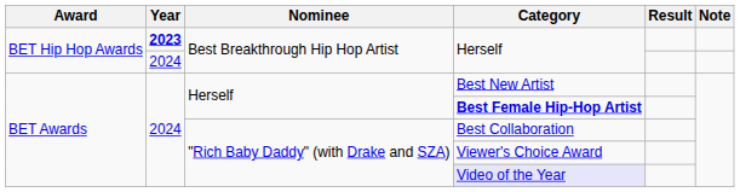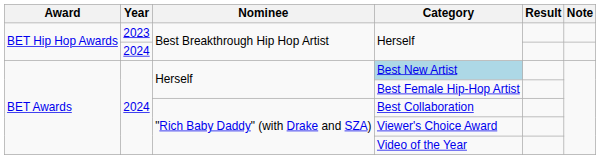 <table class="wikitable">
 <tr>
 <th>Award</th>
 <th>Year</th>
 <th>Nominee</th>
 <th>Category</th>
 <th>Result</th>
 <th>Note</th>
 </tr>
 <tr>
 <td rowspan="2"><a href='#'>BET Hip Hop Awards</a></td>
-<td rowspan="1"><strong><a href='#'>2023</a></strong></td>
+<td rowspan="1"><a href='#'>2023</a></td>
 <td rowspan="2">Best Breakthrough Hip Hop Artist</td>
 <td rowspan="2">Herself</td>
 <td></td>
 <td style="text-align:center;"></td>
 </tr>
 <tr>
 <td rowspan="1"><a href='#'>2024</a></td>
 <td></td>
 <td style="text-align:center;" rowspan="1"></td>
 </tr>
 <tr>
 <td rowspan="5"><a href='#'>BET Awards</a></td>
 <td rowspan="5"><a href='#'>2024</a></td>
 <td rowspan="2">Herself</td>
-<td><a href='#'>Best New Artist</a></td>
+<td style="background: lightblue;"><a href='#'>Best New Artist</a></td>
 <td></td>
 <td style="text-align:center;" rowspan="5"></td>
 </tr>
 <tr>
-<td><strong><a href='#'>Best Female Hip-Hop Artist</a></strong></td>
+<td><a href='#'>Best Female Hip-Hop Artist</a></td>
 <td></td>
 </tr>
 <tr>
 <td rowspan="3">"<a href='#'>Rich Baby Daddy</a>" (with <a href='#'>Drake</a> and <a href='#'>SZA</a>)</td>
 <td><a href='#'>Best Collaboration</a></td>
 <td></td>
 </tr>
 <tr>
 <td><a href='#'>Viewer's Choice Award</a></td>
 <td></td>
 </tr>
 <tr>
-<td style="background: lavender;"><a href='#'>Video of the Year</a></td>
+<td><a href='#'>Video of the Year</a></td>
 <td></td>
 </tr>
 </table>
